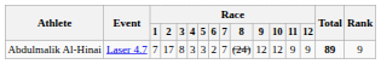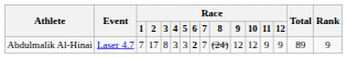 <table class=wikitable style=font-size:90%;text-align:center>
 <tr>
 <th rowspan="2">Athlete</th>
 <th rowspan="2">Event</th>
 <th colspan=12>Race</th>
 <th rowspan=2>Total</th>
 <th rowspan=2>Rank</th>
 </tr>
 <tr style="font-size:95%">
 <th>1</th>
 <th>2</th>
 <th>3</th>
 <th>4</th>
 <th>5</th>
 <th>6</th>
 <th>7</th>
 <th>8</th>
 <th>9</th>
 <th>10</th>
 <th>11</th>
 <th>12</th>
 </tr>
 <tr>
 <td align=left>Abdulmalik Al-Hinai</td>
 <td align=left><a href='#'>Laser 4.7</a></td>
 <td>7</td>
 <td>17</td>
 <td>8</td>
 <td>3</td>
 <td>3</td>
-<td>2</td>
+<td><strong>2</strong></td>
 <td>7</td>
 <td><s>(24)</s><br></td>
 <td>12</td>
 <td>12</td>
 <td>9</td>
 <td>9</td>
-<td><strong>89</strong></td>
+<td>89</td>
 <td>9</td>
 </tr>
 </table>
